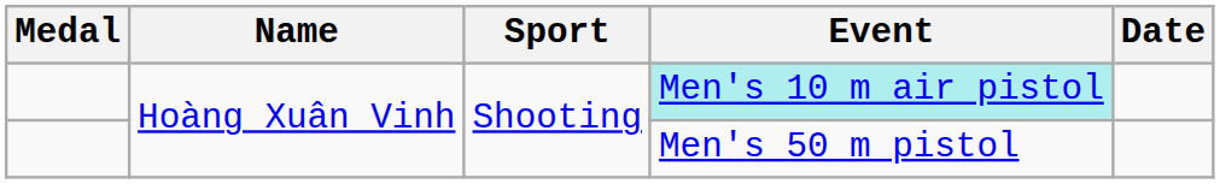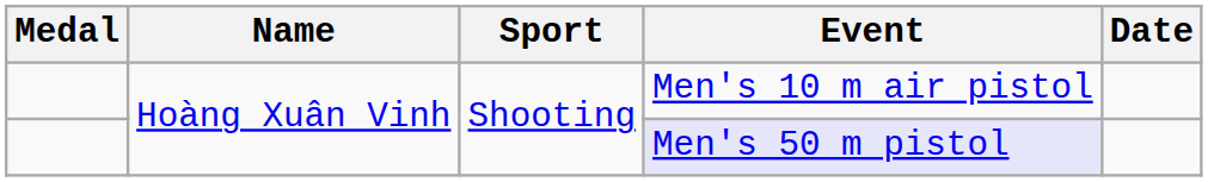 <table class="wikitable" style="font-size:95%">
 <tr>
 <th>Medal</th>
 <th>Name</th>
 <th>Sport</th>
 <th>Event</th>
 <th>Date</th>
 </tr>
 <tr>
 <td></td>
 <td rowspan="2"><a href='#'>Hoàng Xuân Vinh</a></td>
 <td rowspan="2"><a href='#'>Shooting</a></td>
-<td style="background: paleturquoise;"><a href='#'>Men's 10 m air pistol</a></td>
+<td><a href='#'>Men's 10 m air pistol</a></td>
 <td></td>
 </tr>
 <tr>
 <td></td>
-<td><a href='#'>Men's 50 m pistol</a></td>
+<td style="background: lavender;"><a href='#'>Men's 50 m pistol</a></td>
 <td></td>
 </tr>
 </table>
